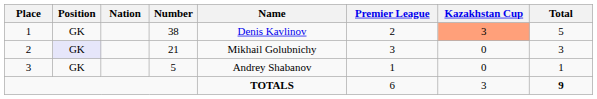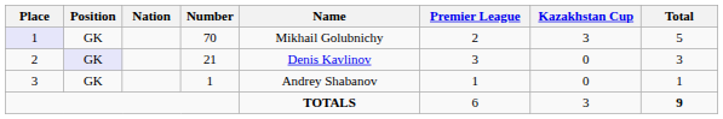 <table class="wikitable" style="font-size: 95%; text-align: center;">
 <tr>
 <th width=60>Place</th>
 <th width=60>Position</th>
 <th width=60>Nation</th>
 <th width=60>Number</th>
 <th width=200>Name</th>
 <th width=120><a href='#'>Premier League</a></th>
 <th width=120><a href='#'>Kazakhstan Cup</a></th>
 <th width=80>Total</th>
 </tr>
 <tr>
-<td>1</td>
+<td style="background: lavender;">1</td>
 <td>GK</td>
 <td></td>
-<td>38</td>
-<td><a href='#'>Denis Kavlinov</a></td>
+<td>70</td>
+<td>Mikhail Golubnichy</td>
 <td>2</td>
-<td style="background: lightsalmon;">3</td>
+<td>3</td>
 <td>5</td>
 </tr>
 <tr>
 <td>2</td>
 <td style="background: lavender;">GK</td>
 <td></td>
 <td>21</td>
-<td>Mikhail Golubnichy</td>
+<td><a href='#'>Denis Kavlinov</a></td>
 <td>3</td>
 <td>0</td>
 <td>3</td>
 </tr>
 <tr>
 <td>3</td>
 <td>GK</td>
 <td></td>
-<td>5</td>
+<td>1</td>
 <td>Andrey Shabanov</td>
 <td>1</td>
 <td>0</td>
 <td>1</td>
 </tr>
 <tr>
 <td colspan="4"></td>
 <td><strong>TOTALS</strong></td>
 <td>6</td>
 <td>3</td>
 <td><strong>9</strong></td>
 </tr>
 </table>
